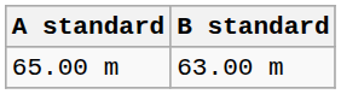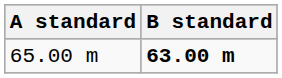 <table class="wikitable" border="1" align="upright">
 <tr>
 <th>A standard</th>
 <th>B standard</th>
 </tr>
 <tr>
 <td>65.00 m</td>
-<td>63.00 m</td>
+<td><strong>63.00 m</strong></td>
 </tr>
 </table>
